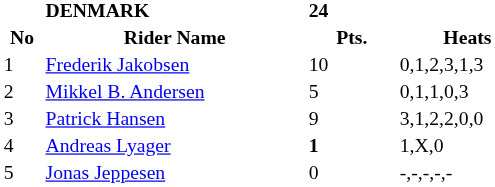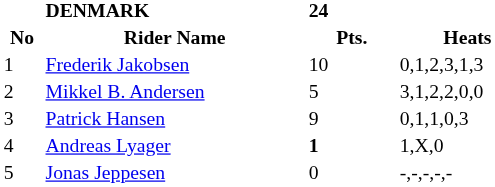 <table class="toccolours">
 <tr>
 <td></td>
 <td><strong>DENMARK</strong></td>
 <td><strong>24</strong></td>
 </tr>
 <tr style="background-color:">
 <th width=30px>No</th>
 <th width=210px>Rider Name</th>
 <th width=70px>Pts.</th>
 <th width=110px>Heats</th>
 </tr>
 <tr style="background-color:">
 <td>1</td>
 <td><a href='#'>Frederik Jakobsen</a></td>
 <td>10</td>
 <td>0,1,2,3,1,3</td>
 </tr>
 <tr style="background-color:">
 <td>2</td>
 <td><a href='#'>Mikkel B. Andersen</a></td>
 <td>5</td>
-<td>0,1,1,0,3</td>
+<td>3,1,2,2,0,0</td>
 </tr>
 <tr style="background-color:">
 <td>3</td>
 <td><a href='#'>Patrick Hansen</a></td>
 <td>9</td>
-<td>3,1,2,2,0,0</td>
+<td>0,1,1,0,3</td>
 </tr>
 <tr style="background-color:">
 <td>4</td>
 <td><a href='#'>Andreas Lyager</a></td>
 <td><strong>1</strong></td>
 <td>1,X,0</td>
 </tr>
 <tr style="background-color:">
 <td>5</td>
 <td><a href='#'>Jonas Jeppesen</a></td>
 <td>0</td>
 <td>-,-,-,-,-</td>
 </tr>
 </table>
